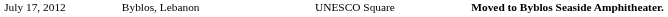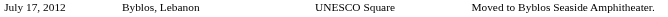 <table cellpadding="2" style="border: 0px solid darkgray; font-size:90%">
 <tr>
 <th width="150"></th>
 <th width="250"></th>
 <th width="200"></th>
 <th width="700"></th>
 </tr>
 <tr border="0">
 <td>July 17, 2012</td>
 <td>Byblos, Lebanon</td>
 <td>UNESCO Square</td>
-<td><strong>Moved to Byblos Seaside Amphitheater.</strong></td>
+<td>Moved to Byblos Seaside Amphitheater.</td>
 </tr>
 <tr>
 </tr>
 </table>
